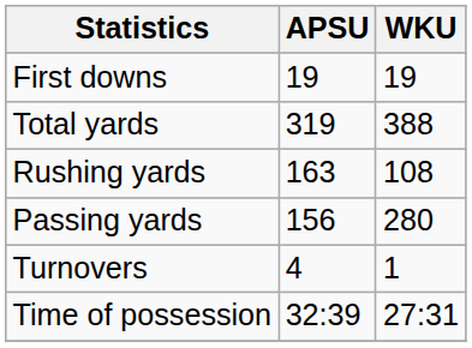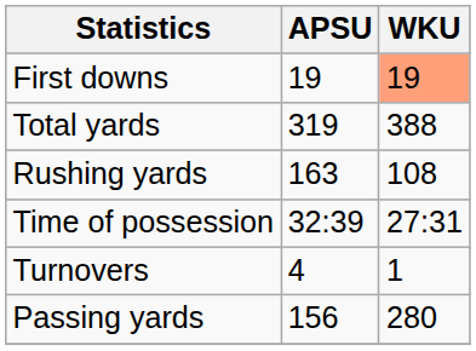 <table class="wikitable">
 <tr>
 <th>Statistics</th>
 <th>APSU</th>
 <th>WKU</th>
 </tr>
 <tr>
 <td>First downs</td>
 <td>19</td>
-<td>19</td>
+<td style="background: lightsalmon;">19</td>
 </tr>
 <tr>
 <td>Total yards</td>
 <td>319</td>
 <td>388</td>
 </tr>
 <tr>
 <td>Rushing yards</td>
 <td>163</td>
 <td>108</td>
 </tr>
 <tr>
-<td>Passing yards</td>
-<td>156</td>
-<td>280</td>
+<td>Time of possession</td>
+<td>32:39</td>
+<td>27:31</td>
 </tr>
 <tr>
 <td>Turnovers</td>
 <td>4</td>
 <td>1</td>
 </tr>
 <tr>
-<td>Time of possession</td>
-<td>32:39</td>
-<td>27:31</td>
+<td>Passing yards</td>
+<td>156</td>
+<td>280</td>
 </tr>
 <tr>
 </tr>
 </table>
